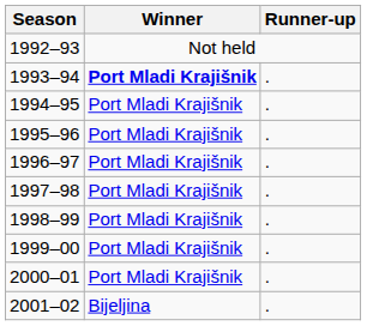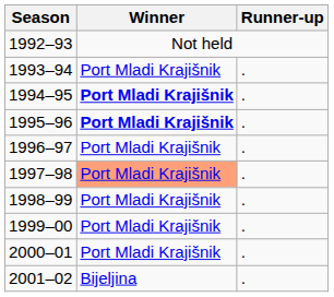 <table class="wikitable">
 <tr>
 <th>Season</th>
 <th>Winner</th>
 <th>Runner-up</th>
 </tr>
 <tr>
 <td>1992–93</td>
 <td colspan=2 rowspan=1 align=center>Not held</td>
 </tr>
 <tr>
 <td>1993–94</td>
+<td><a href='#'>Port Mladi Krajišnik</a></td>
+<td>.</td>
+</tr>
+<tr>
+<td>1994–95</td>
 <td><strong><a href='#'>Port Mladi Krajišnik</a></strong></td>
 <td>.</td>
 </tr>
 <tr>
-<td>1994–95</td>
-<td><a href='#'>Port Mladi Krajišnik</a></td>
-<td>.</td>
-</tr>
-<tr>
 <td>1995–96</td>
-<td><a href='#'>Port Mladi Krajišnik</a></td>
+<td><strong><a href='#'>Port Mladi Krajišnik</a></strong></td>
 <td>.</td>
 </tr>
 <tr>
 <td>1996–97</td>
 <td><a href='#'>Port Mladi Krajišnik</a></td>
 <td>.</td>
 </tr>
 <tr>
 <td>1997–98</td>
-<td><a href='#'>Port Mladi Krajišnik</a></td>
+<td style="background: lightsalmon;"><a href='#'>Port Mladi Krajišnik</a></td>
 <td>.</td>
 </tr>
 <tr>
 <td>1998–99</td>
 <td><a href='#'>Port Mladi Krajišnik</a></td>
 <td>.</td>
 </tr>
 <tr>
 <td>1999–00</td>
 <td><a href='#'>Port Mladi Krajišnik</a></td>
 <td>.</td>
 </tr>
 <tr>
 <td>2000–01</td>
 <td><a href='#'>Port Mladi Krajišnik</a></td>
 <td>.</td>
 </tr>
 <tr>
 <td>2001–02</td>
 <td><a href='#'>Bijeljina</a></td>
 <td>.</td>
 </tr>
 </table>
